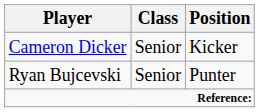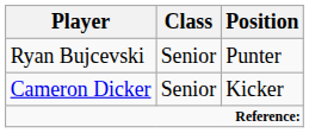 <table class="wikitable">
 <tr>
 <th style="text-align:center; ">Player</th>
 <th style="text-align:center; ">Class</th>
 <th style="text-align:center; ">Position</th>
 </tr>
 <tr>
+<td>Ryan Bujcevski</td>
+<td>Senior</td>
+<td>Punter</td>
+</tr>
+<tr>
 <td><a href='#'>Cameron Dicker</a></td>
 <td>Senior</td>
 <td>Kicker</td>
 </tr>
 <tr>
-<td>Ryan Bujcevski</td>
-<td>Senior</td>
-<td>Punter</td>
-</tr>
-<tr>
 <td colspan="3"  style="font-size:8pt; text-align:right;"><strong>Reference:</strong></td>
 </tr>
 </table>
